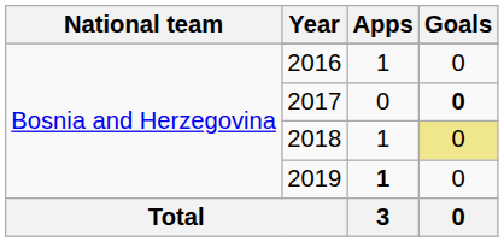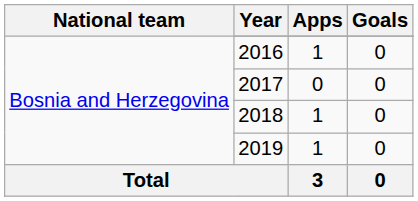 <table class="wikitable" style="text-align:center">
 <tr>
 <th>National team</th>
 <th>Year</th>
 <th>Apps</th>
 <th>Goals</th>
 </tr>
 <tr>
 <td rowspan=5><a href='#'>Bosnia and Herzegovina</a></td>
 </tr>
 <tr>
 <td>2016</td>
 <td>1</td>
 <td>0</td>
 </tr>
 <tr>
 <td>2017</td>
 <td>0</td>
-<td><strong>0</strong></td>
+<td>0</td>
 </tr>
 <tr>
 <td>2018</td>
 <td>1</td>
-<td style="background: khaki;">0</td>
+<td>0</td>
 </tr>
 <tr>
 <td>2019</td>
-<td><strong>1</strong></td>
+<td>1</td>
 <td>0</td>
 </tr>
 <tr>
 <th colspan=2>Total</th>
 <th>3</th>
 <th>0</th>
 </tr>
 </table>
